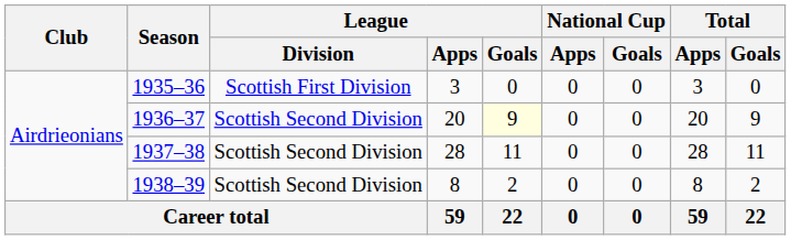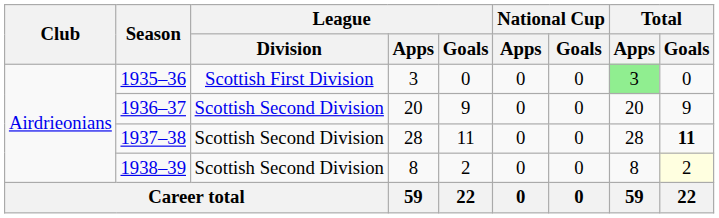 <table class="wikitable" style="text-align: center;">
 <tr>
 <th rowspan="2">Club</th>
 <th rowspan="2">Season</th>
 <th colspan="3">League</th>
 <th colspan="2">National Cup</th>
 <th colspan="2">Total</th>
 </tr>
 <tr>
 <th>Division</th>
 <th>Apps</th>
 <th>Goals</th>
 <th>Apps</th>
 <th>Goals</th>
 <th>Apps</th>
 <th>Goals</th>
 </tr>
 <tr>
 <td rowspan="4"><a href='#'>Airdrieonians</a></td>
 <td><a href='#'>1935–36</a></td>
 <td><a href='#'>Scottish First Division</a></td>
 <td>3</td>
 <td>0</td>
 <td>0</td>
 <td>0</td>
-<td>3</td>
+<td style="background: lightgreen;">3</td>
 <td>0</td>
 </tr>
 <tr>
 <td><a href='#'>1936–37</a></td>
 <td><a href='#'>Scottish Second Division</a></td>
 <td>20</td>
-<td style="background: lightyellow;">9</td>
+<td>9</td>
 <td>0</td>
 <td>0</td>
 <td>20</td>
 <td>9</td>
 </tr>
 <tr>
 <td><a href='#'>1937–38</a></td>
 <td>Scottish Second Division</td>
 <td>28</td>
 <td>11</td>
 <td>0</td>
 <td>0</td>
 <td>28</td>
-<td>11</td>
+<td><strong>11</strong></td>
 </tr>
 <tr>
 <td><a href='#'>1938–39</a></td>
 <td>Scottish Second Division</td>
 <td>8</td>
 <td>2</td>
 <td>0</td>
 <td>0</td>
 <td>8</td>
-<td>2</td>
+<td style="background: lightyellow;">2</td>
 </tr>
 <tr>
 <th colspan="3">Career total</th>
 <th>59</th>
 <th>22</th>
 <th>0</th>
 <th>0</th>
 <th>59</th>
 <th>22</th>
 </tr>
 </table>
